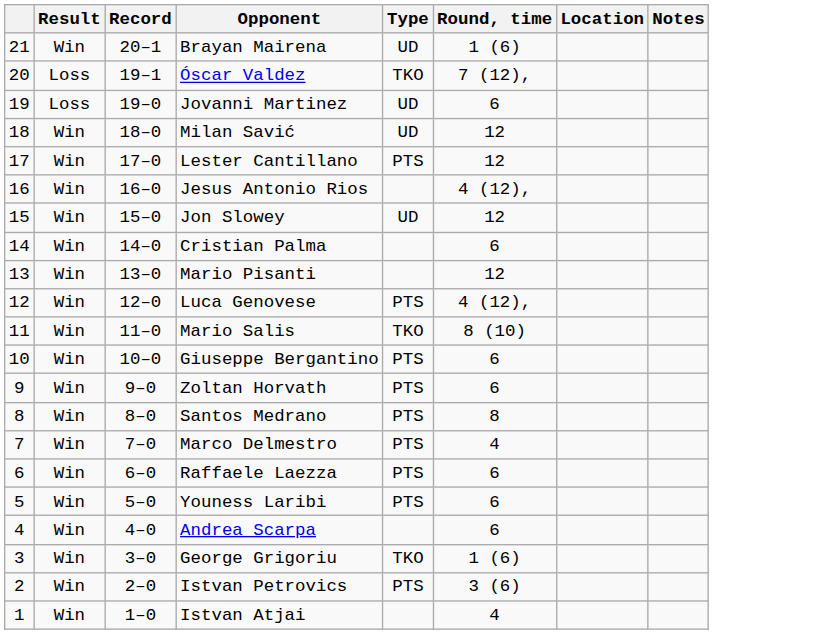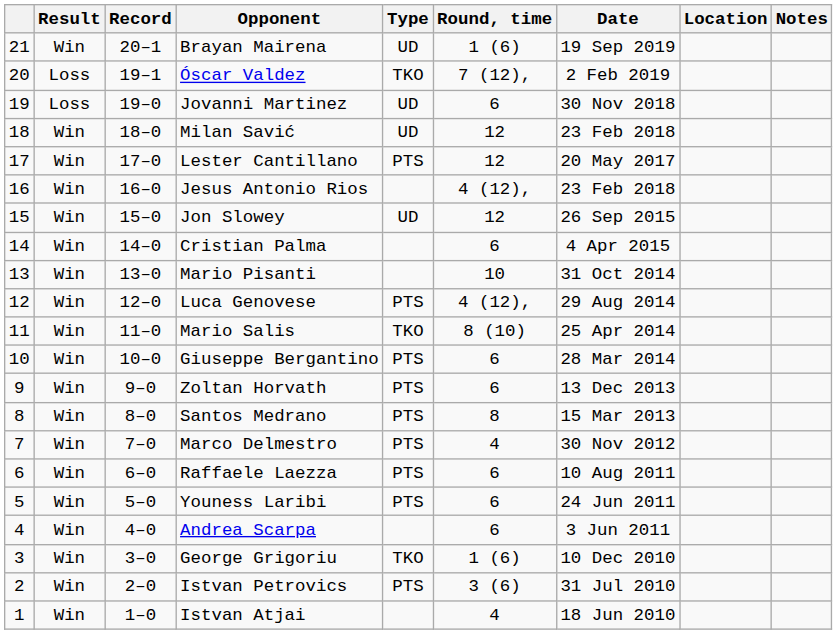 <table class="wikitable" style="text-align:center">
 <tr>
 <th></th>
 <th>Result</th>
 <th>Record</th>
 <th>Opponent</th>
 <th>Type</th>
 <th>Round, time</th>
+<th>Date</th>
 <th>Location</th>
 <th>Notes</th>
 </tr>
 <tr>
 <td>21</td>
 <td>Win</td>
 <td>20–1</td>
 <td style="text-align:left;"> Brayan Mairena</td>
 <td>UD</td>
 <td>1 (6)</td>
+<td>19 Sep 2019</td>
 <td style="text-align:left;"> </td>
 <td></td>
 </tr>
 <tr>
 <td>20</td>
 <td>Loss</td>
 <td>19–1</td>
 <td style="text-align:left;"> <a href='#'>Óscar Valdez</a></td>
 <td>TKO</td>
 <td>7 (12), </td>
+<td>2 Feb 2019</td>
 <td style="text-align:left;"> </td>
 <td style="text-align:left;"></td>
 </tr>
 <tr>
 <td>19</td>
 <td>Loss</td>
 <td>19–0</td>
 <td style="text-align:left;"> Jovanni Martinez</td>
 <td>UD</td>
 <td>6</td>
+<td>30 Nov 2018</td>
 <td style="text-align:left;"> </td>
 <td></td>
 </tr>
 <tr>
 <td>18</td>
 <td>Win</td>
 <td>18–0</td>
 <td style="text-align:left;"> Milan Savić</td>
 <td>UD</td>
 <td>12</td>
+<td>23 Feb 2018</td>
 <td style="text-align:left;"> </td>
 <td></td>
 </tr>
 <tr>
 <td>17</td>
 <td>Win</td>
 <td>17–0</td>
 <td style="text-align:left;"> Lester Cantillano</td>
 <td>PTS</td>
 <td>12</td>
+<td>20 May 2017</td>
 <td style="text-align:left;"> </td>
 <td></td>
 </tr>
 <tr>
 <td>16</td>
 <td>Win</td>
 <td>16–0</td>
 <td style="text-align:left;"> Jesus Antonio Rios</td>
 <td></td>
 <td>4 (12), </td>
+<td>23 Feb 2018</td>
 <td style="text-align:left;"> </td>
 <td style="text-align:left;"></td>
 </tr>
 <tr>
 <td>15</td>
 <td>Win</td>
 <td>15–0</td>
 <td style="text-align:left;"> Jon Slowey</td>
 <td>UD</td>
 <td>12</td>
+<td>26 Sep 2015</td>
 <td style="text-align:left;"> </td>
 <td style="text-align:left;"></td>
 </tr>
 <tr>
 <td>14</td>
 <td>Win</td>
 <td>14–0</td>
 <td style="text-align:left;"> Cristian Palma</td>
 <td></td>
 <td>6</td>
+<td>4 Apr 2015</td>
 <td style="text-align:left;"> </td>
 <td style="text-align:left;"></td>
 </tr>
 <tr>
 <td>13</td>
 <td>Win</td>
 <td>13–0</td>
 <td style="text-align:left;"> Mario Pisanti</td>
 <td></td>
-<td>12</td>
+<td>10</td>
+<td>31 Oct 2014</td>
 <td style="text-align:left;"> </td>
 <td style="text-align:left;"></td>
 </tr>
 <tr>
 <td>12</td>
 <td>Win</td>
 <td>12–0</td>
 <td style="text-align:left;"> Luca Genovese</td>
 <td>PTS</td>
 <td>4 (12), </td>
+<td>29 Aug 2014</td>
 <td style="text-align:left;"> </td>
 <td></td>
 </tr>
 <tr>
 <td>11</td>
 <td>Win</td>
 <td>11–0</td>
 <td style="text-align:left;"> Mario Salis</td>
 <td>TKO</td>
 <td>8 (10)</td>
+<td>25 Apr 2014</td>
 <td style="text-align:left;"> </td>
 <td></td>
 </tr>
 <tr>
 <td>10</td>
 <td>Win</td>
 <td>10–0</td>
 <td style="text-align:left;"> Giuseppe Bergantino</td>
 <td>PTS</td>
 <td>6</td>
+<td>28 Mar 2014</td>
 <td style="text-align:left;"> </td>
 <td></td>
 </tr>
 <tr>
 <td>9</td>
 <td>Win</td>
 <td>9–0</td>
 <td style="text-align:left;"> Zoltan Horvath</td>
 <td>PTS</td>
 <td>6</td>
+<td>13 Dec 2013</td>
 <td style="text-align:left;"> </td>
 <td></td>
 </tr>
 <tr>
 <td>8</td>
 <td>Win</td>
 <td>8–0</td>
 <td style="text-align:left;"> Santos Medrano</td>
 <td>PTS</td>
 <td>8</td>
+<td>15 Mar 2013</td>
 <td style="text-align:left;"> </td>
 <td></td>
 </tr>
 <tr>
 <td>7</td>
 <td>Win</td>
 <td>7–0</td>
 <td style="text-align:left;"> Marco Delmestro</td>
 <td>PTS</td>
 <td>4</td>
+<td>30 Nov 2012</td>
 <td style="text-align:left;"> </td>
 <td></td>
 </tr>
 <tr>
 <td>6</td>
 <td>Win</td>
 <td>6–0</td>
 <td style="text-align:left;"> Raffaele Laezza</td>
 <td>PTS</td>
 <td>6</td>
+<td>10 Aug 2011</td>
 <td style="text-align:left;"> </td>
 <td></td>
 </tr>
 <tr>
 <td>5</td>
 <td>Win</td>
 <td>5–0</td>
 <td style="text-align:left;"> Youness Laribi</td>
 <td>PTS</td>
 <td>6</td>
+<td>24 Jun 2011</td>
 <td style="text-align:left;"> </td>
 <td></td>
 </tr>
 <tr>
 <td>4</td>
 <td>Win</td>
 <td>4–0</td>
 <td style="text-align:left;"> <a href='#'>Andrea Scarpa</a></td>
 <td></td>
 <td>6</td>
+<td>3 Jun 2011</td>
 <td style="text-align:left;"> </td>
 <td></td>
 </tr>
 <tr>
 <td>3</td>
 <td>Win</td>
 <td>3–0</td>
 <td style="text-align:left;"> George Grigoriu</td>
 <td>TKO</td>
 <td>1 (6)</td>
+<td>10 Dec 2010</td>
 <td style="text-align:left;"> </td>
 <td></td>
 </tr>
 <tr>
 <td>2</td>
 <td>Win</td>
 <td>2–0</td>
 <td style="text-align:left;"> Istvan Petrovics</td>
 <td>PTS</td>
 <td>3 (6)</td>
+<td>31 Jul 2010</td>
 <td style="text-align:left;"> </td>
 <td></td>
 </tr>
 <tr>
 <td>1</td>
 <td>Win</td>
 <td>1–0</td>
 <td style="text-align:left;"> Istvan Atjai</td>
 <td></td>
 <td>4</td>
+<td>18 Jun 2010</td>
 <td style="text-align:left;"> </td>
 <td></td>
 </tr>
 </table>
